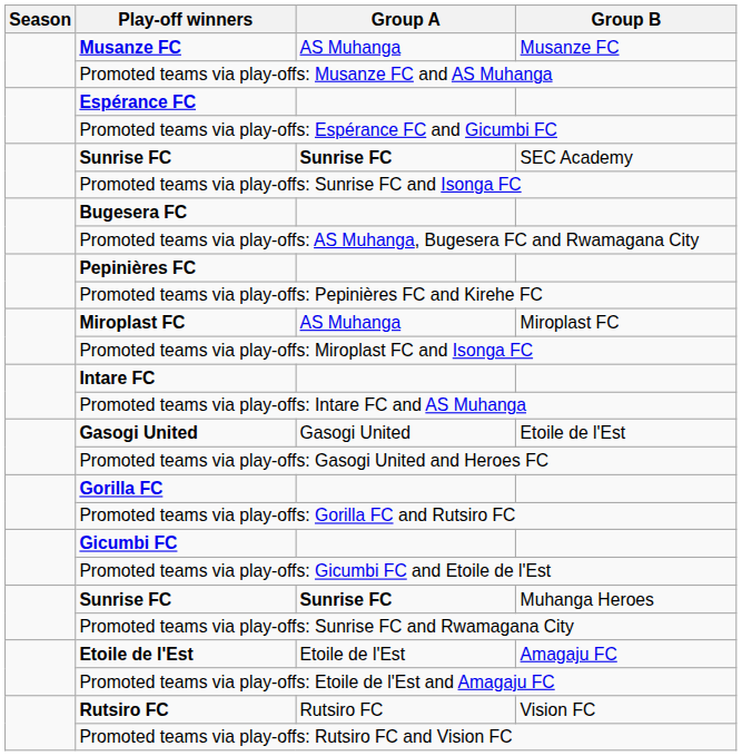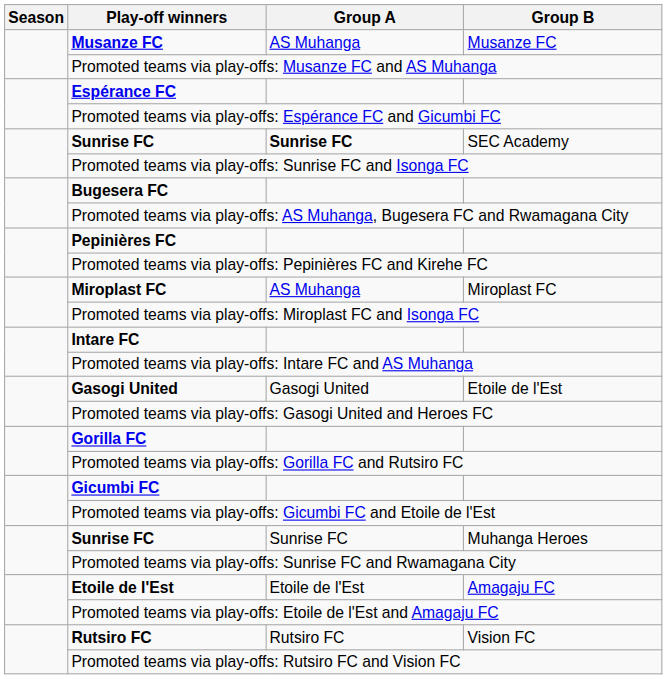 <table class=wikitable style="font-size:90%">
 <tr>
 <th>Season</th>
 <th width=175px>Play-off winners</th>
 <th width=175px>Group A</th>
 <th width=175px>Group B</th>
 </tr>
 <tr>
 <td rowspan=2></td>
 <td><strong><a href='#'>Musanze FC</a></strong></td>
 <td><a href='#'>AS Muhanga</a></td>
 <td><a href='#'>Musanze FC</a></td>
 </tr>
 <tr>
 <td colspan=4>Promoted teams via play-offs: <a href='#'>Musanze FC</a> and <a href='#'>AS Muhanga</a></td>
 </tr>
 <tr>
 <td rowspan=2></td>
 <td><strong><a href='#'>Espérance FC</a></strong></td>
 <td></td>
 <td></td>
 </tr>
 <tr>
 <td colspan=4>Promoted teams via play-offs: <a href='#'>Espérance FC</a> and <a href='#'>Gicumbi FC</a></td>
 </tr>
 <tr>
 <td rowspan=2></td>
 <td><strong>Sunrise FC</strong></td>
 <td><strong>Sunrise FC</strong></td>
 <td>SEC Academy</td>
 </tr>
 <tr>
 <td colspan=4>Promoted teams via play-offs: Sunrise FC and <a href='#'>Isonga FC</a></td>
 </tr>
 <tr>
 <td rowspan=2></td>
 <td><strong>Bugesera FC</strong></td>
 <td></td>
 <td></td>
 </tr>
 <tr>
 <td colspan=4>Promoted teams via play-offs: <a href='#'>AS Muhanga</a>, Bugesera FC and Rwamagana City</td>
 </tr>
 <tr>
 <td rowspan=2></td>
 <td><strong>Pepinières FC</strong></td>
 <td></td>
 <td></td>
 </tr>
 <tr>
 <td colspan=4>Promoted teams via play-offs: Pepinières FC and Kirehe FC</td>
 </tr>
 <tr>
 <td rowspan=2></td>
 <td><strong>Miroplast FC</strong></td>
 <td><a href='#'>AS Muhanga</a></td>
 <td>Miroplast FC</td>
 </tr>
 <tr>
 <td colspan=4>Promoted teams via play-offs: Miroplast FC and <a href='#'>Isonga FC</a></td>
 </tr>
 <tr>
 <td rowspan=2></td>
 <td><strong>Intare FC</strong></td>
 <td></td>
 <td></td>
 </tr>
 <tr>
 <td colspan=4>Promoted teams via play-offs: Intare FC and <a href='#'>AS Muhanga</a></td>
 </tr>
 <tr>
 <td rowspan=2></td>
 <td><strong>Gasogi United</strong></td>
 <td>Gasogi United </td>
 <td>Etoile de l'Est</td>
 </tr>
 <tr>
 <td colspan=4>Promoted teams via play-offs: Gasogi United and Heroes FC</td>
 </tr>
 <tr>
 <td rowspan=2></td>
 <td><strong><a href='#'>Gorilla FC</a></strong></td>
 <td></td>
 <td></td>
 </tr>
 <tr>
 <td colspan=4>Promoted teams via play-offs: <a href='#'>Gorilla FC</a> and Rutsiro FC</td>
 </tr>
 <tr>
 <td rowspan=2></td>
 <td><strong><a href='#'>Gicumbi FC</a></strong></td>
 <td></td>
 <td></td>
 </tr>
 <tr>
 <td colspan=4>Promoted teams via play-offs: <a href='#'>Gicumbi FC</a> and Etoile de l'Est</td>
 </tr>
 <tr>
 <td rowspan=2></td>
 <td><strong>Sunrise FC</strong></td>
-<td><strong>Sunrise FC</strong></td>
+<td>Sunrise FC</td>
 <td>Muhanga Heroes</td>
 </tr>
 <tr>
 <td colspan=4>Promoted teams via play-offs: Sunrise FC and Rwamagana City</td>
 </tr>
 <tr>
 <td rowspan=2></td>
 <td><strong>Etoile de l'Est</strong></td>
 <td>Etoile de l'Est</td>
 <td><a href='#'>Amagaju FC</a></td>
 </tr>
 <tr>
 <td colspan=4>Promoted teams via play-offs: Etoile de l'Est and <a href='#'>Amagaju FC</a></td>
 </tr>
 <tr>
 <td rowspan=2></td>
 <td><strong>Rutsiro FC</strong></td>
 <td>Rutsiro FC</td>
 <td>Vision FC</td>
 </tr>
 <tr>
 <td colspan=4>Promoted teams via play-offs: Rutsiro FC and Vision FC</td>
 </tr>
 </table>
